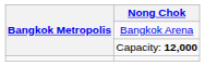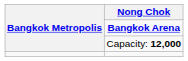 <table class="wikitable" style="text-align:center;margin:1em auto;">
 <tr>
 <th rowspan=3><a href='#'>Bangkok Metropolis</a></th>
 <th><a href='#'>Nong Chok</a></th>
 </tr>
 <tr>
-<td><a href='#'>Bangkok Arena</a></td>
+<td><strong><a href='#'>Bangkok Arena</a></strong></td>
 </tr>
 <tr>
 <td>Capacity: <strong>12,000</strong></td>
 </tr>
 <tr>
 <td></td>
 <td></td>
 </tr>
 </table>
